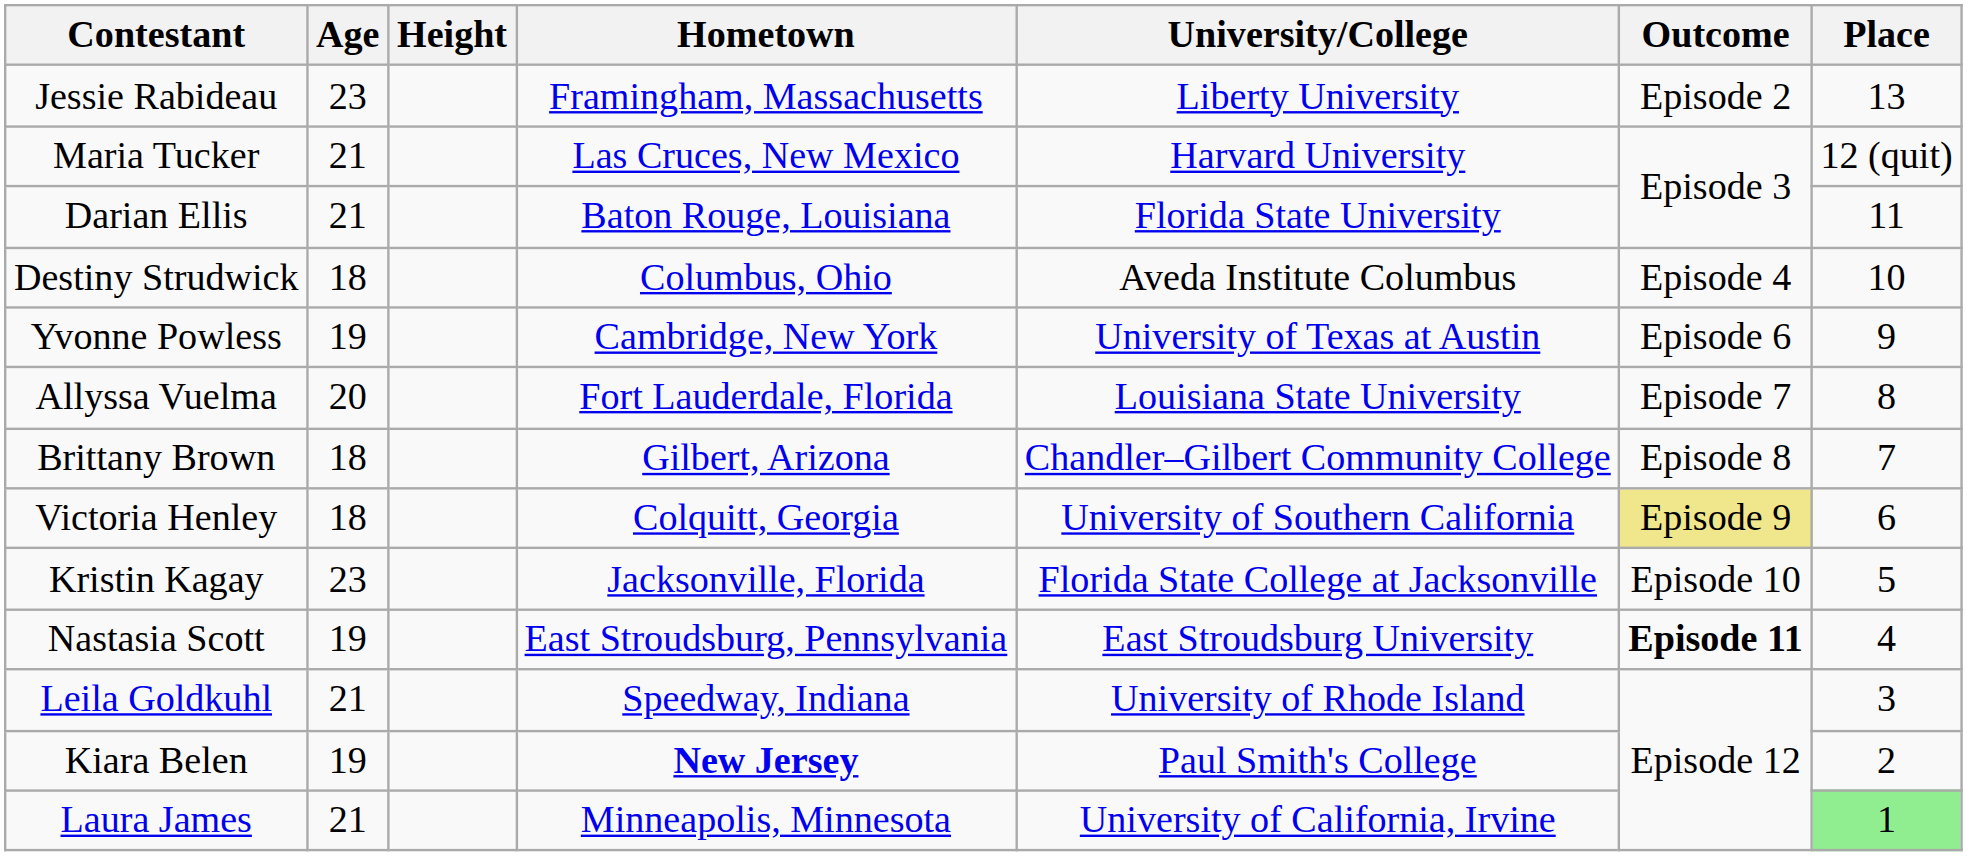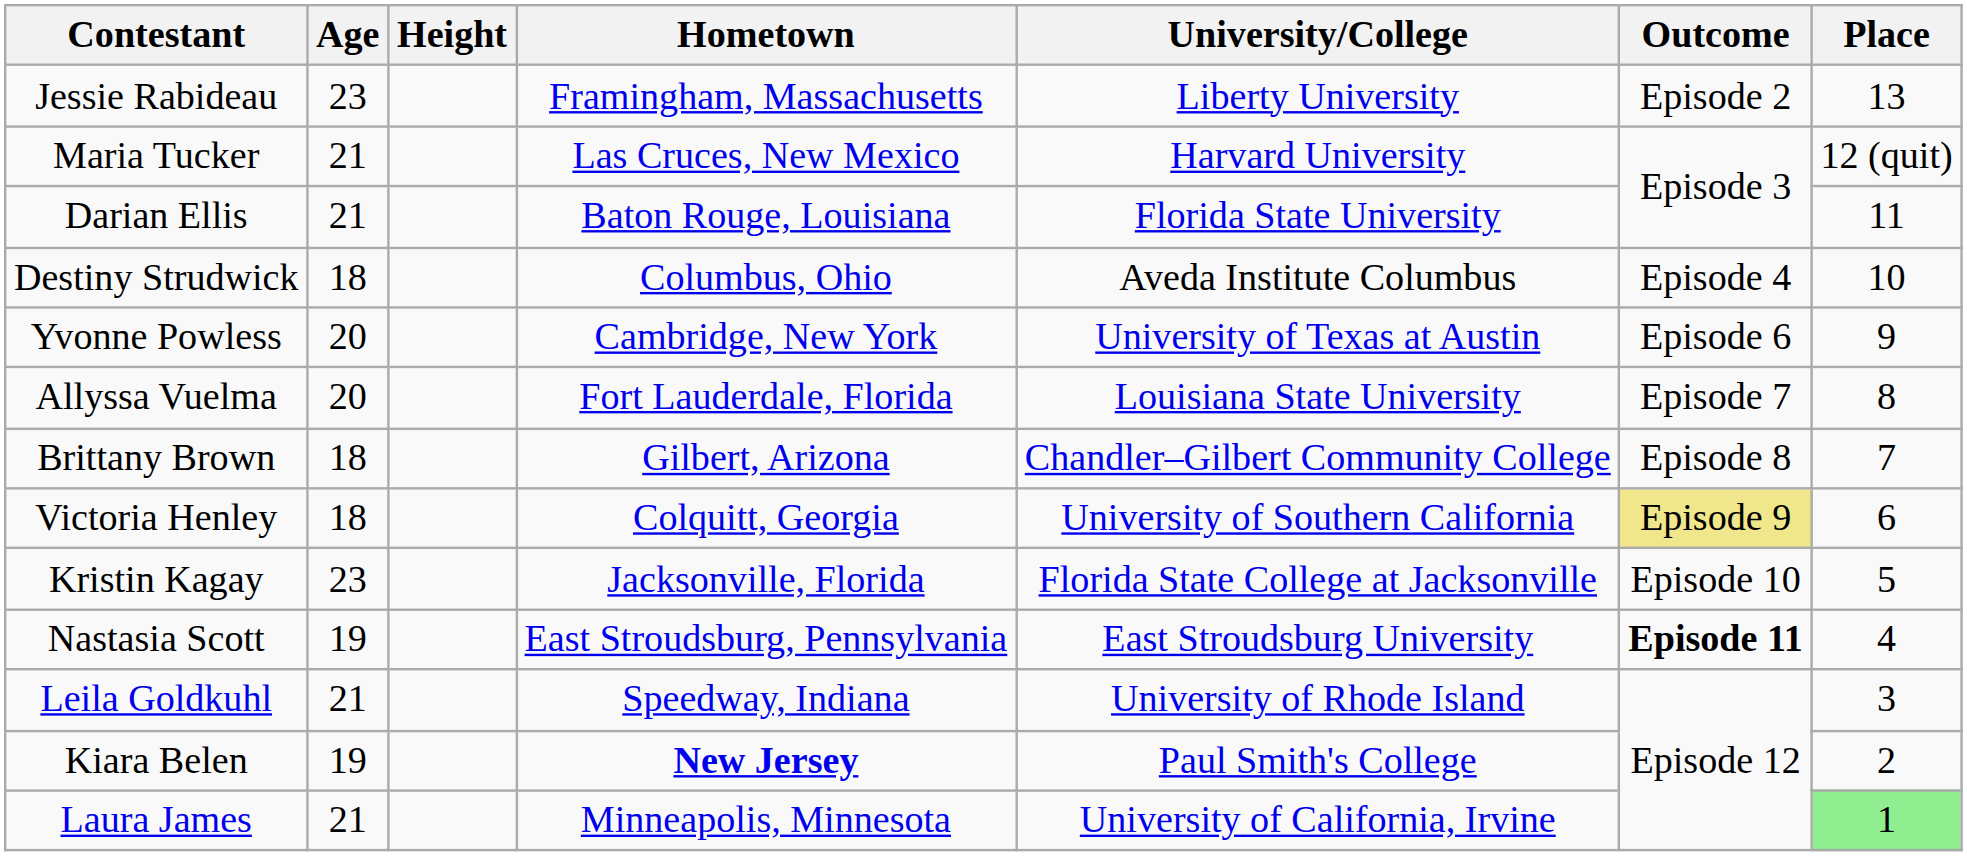 <table class="wikitable sortable" style="text-align:center;">
 <tr>
 <th>Contestant</th>
 <th>Age</th>
 <th>Height</th>
 <th>Hometown</th>
 <th>University/College</th>
 <th>Outcome</th>
 <th>Place</th>
 </tr>
 <tr>
 <td nowrap>Jessie Rabideau</td>
 <td>23</td>
 <td nowrap></td>
 <td><a href='#'>Framingham, Massachusetts</a></td>
 <td><a href='#'>Liberty University</a></td>
 <td>Episode 2</td>
 <td>13</td>
 </tr>
 <tr>
 <td>Maria Tucker</td>
 <td>21</td>
 <td></td>
 <td nowrap><a href='#'>Las Cruces, New Mexico</a></td>
 <td><a href='#'>Harvard University</a></td>
 <td rowspan="2">Episode 3</td>
 <td>12 (quit)</td>
 </tr>
 <tr>
 <td>Darian Ellis</td>
 <td>21</td>
 <td></td>
 <td><a href='#'>Baton Rouge, Louisiana</a></td>
 <td nowrap><a href='#'>Florida State University</a></td>
 <td>11</td>
 </tr>
 <tr>
 <td nowrap>Destiny Strudwick</td>
 <td>18</td>
 <td></td>
 <td><a href='#'>Columbus, Ohio</a></td>
 <td>Aveda Institute Columbus</td>
 <td>Episode 4</td>
 <td>10</td>
 </tr>
 <tr>
 <td>Yvonne Powless</td>
-<td>19</td>
+<td>20</td>
 <td></td>
 <td><a href='#'>Cambridge, New York</a></td>
 <td><a href='#'>University of Texas at Austin</a></td>
 <td>Episode 6</td>
 <td>9</td>
 </tr>
 <tr>
 <td>Allyssa Vuelma</td>
 <td>20</td>
 <td></td>
 <td><a href='#'>Fort Lauderdale, Florida</a></td>
 <td><a href='#'>Louisiana State University</a></td>
 <td>Episode 7</td>
 <td>8</td>
 </tr>
 <tr>
 <td>Brittany Brown</td>
 <td>18</td>
 <td></td>
 <td nowrap><a href='#'>Gilbert, Arizona</a></td>
 <td nowrap><a href='#'>Chandler–Gilbert Community College</a></td>
 <td>Episode 8</td>
 <td>7</td>
 </tr>
 <tr>
 <td nowrap>Victoria Henley</td>
 <td>18</td>
 <td></td>
 <td nowrap><a href='#'>Colquitt, Georgia</a></td>
 <td nowrap><a href='#'>University of Southern California</a></td>
 <td style="background: khaki;">Episode 9</td>
 <td>6</td>
 </tr>
 <tr>
 <td>Kristin Kagay</td>
 <td>23</td>
 <td nowrap></td>
 <td><a href='#'>Jacksonville, Florida</a></td>
 <td><a href='#'>Florida State College at Jacksonville</a></td>
 <td nowrap>Episode 10</td>
 <td>5</td>
 </tr>
 <tr>
 <td>Nastasia Scott</td>
 <td>19</td>
 <td></td>
 <td nowrap><a href='#'>East Stroudsburg, Pennsylvania</a></td>
 <td nowrap><a href='#'>East Stroudsburg University</a></td>
 <td><strong>Episode 11</strong></td>
 <td>4</td>
 </tr>
 <tr>
 <td><a href='#'>Leila Goldkuhl</a></td>
 <td>21</td>
 <td></td>
 <td nowrap><a href='#'>Speedway, Indiana</a></td>
 <td><a href='#'>University of Rhode Island</a></td>
 <td rowspan="3">Episode 12</td>
 <td>3</td>
 </tr>
 <tr>
 <td>Kiara Belen</td>
 <td>19</td>
 <td></td>
 <td><strong><a href='#'>New Jersey</a></strong></td>
 <td><a href='#'>Paul Smith's College</a></td>
 <td>2</td>
 </tr>
 <tr>
 <td><a href='#'>Laura James</a></td>
 <td>21</td>
 <td></td>
 <td><a href='#'>Minneapolis, Minnesota</a></td>
 <td><a href='#'>University of California, Irvine</a></td>
 <td style="background: lightgreen;">1</td>
 </tr>
 </table>
